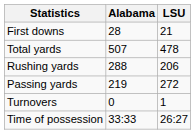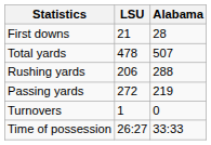 <table class="wikitable" style="float: left;">
 <tr>
 <th>Statistics</th>
+<th>LSU</th>
 <th>Alabama</th>
-<th>LSU</th>
 </tr>
 <tr>
 <td>First downs</td>
+<td>21</td>
 <td>28</td>
-<td>21</td>
 </tr>
 <tr>
 <td>Total yards</td>
+<td>478</td>
 <td>507</td>
-<td>478</td>
 </tr>
 <tr>
 <td>Rushing yards</td>
+<td>206</td>
 <td>288</td>
-<td>206</td>
 </tr>
 <tr>
 <td>Passing yards</td>
+<td>272</td>
 <td>219</td>
-<td>272</td>
 </tr>
 <tr>
 <td>Turnovers</td>
+<td>1</td>
 <td>0</td>
-<td>1</td>
 </tr>
 <tr>
 <td>Time of possession</td>
+<td>26:27</td>
 <td>33:33</td>
-<td>26:27</td>
 </tr>
 </table>
